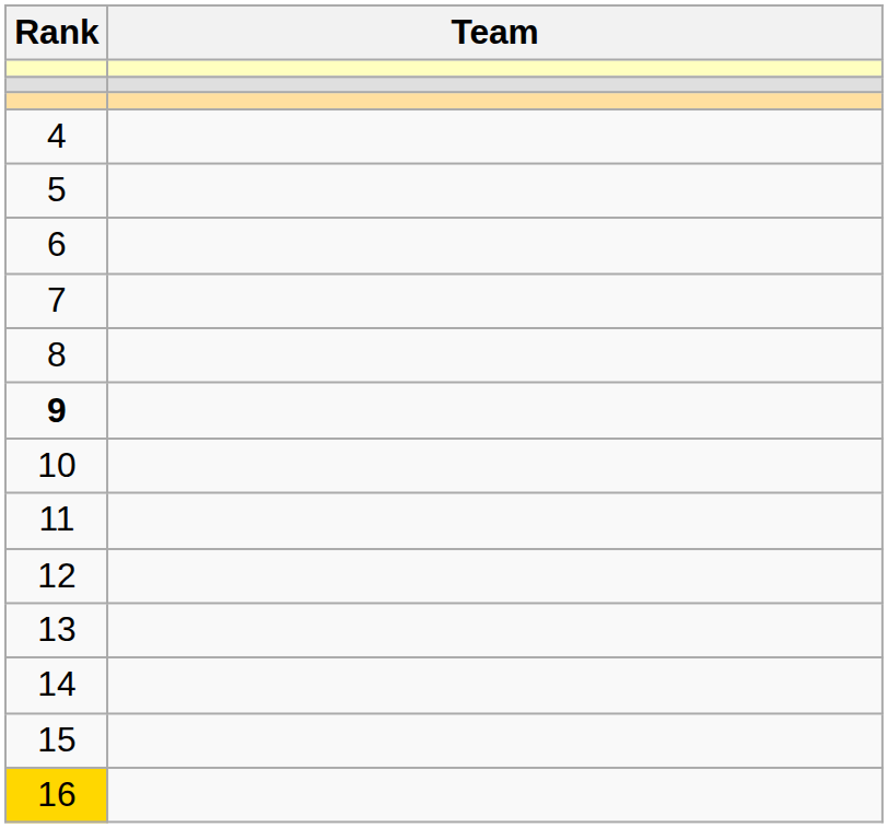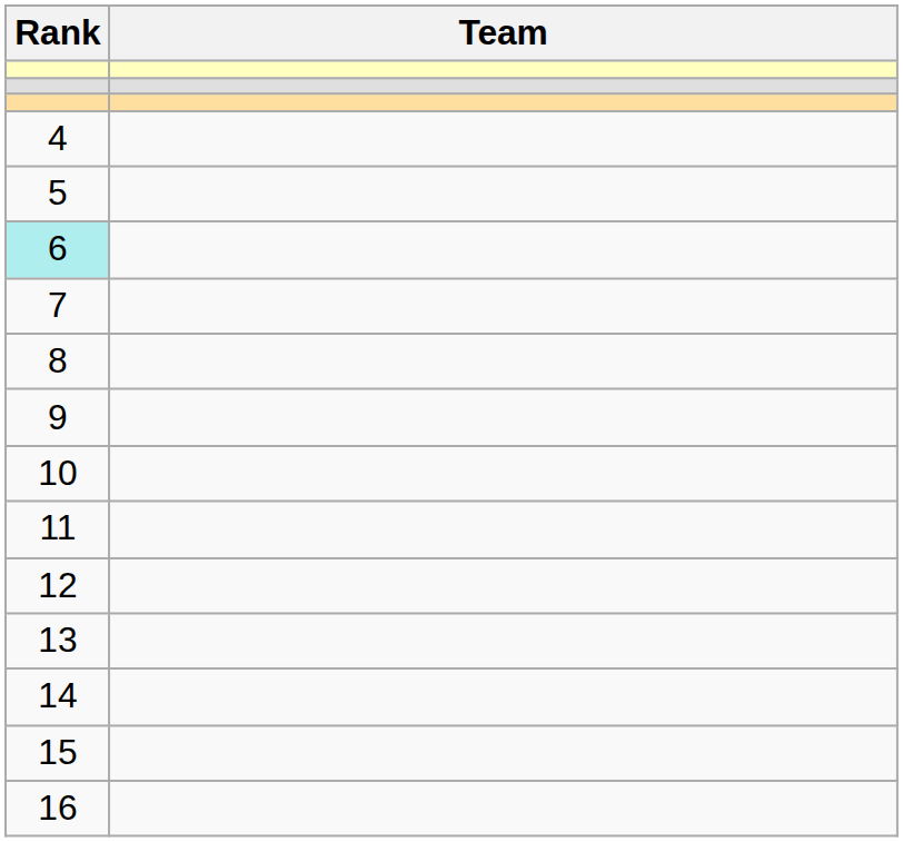 <table class="wikitable">
 <tr>
 <th width=40>Rank</th>
 <th width=350>Team</th>
 </tr>
 <tr bgcolor=#ffffbf>
 <td align=center></td>
 <td align="left"></td>
 </tr>
 <tr bgcolor=#dfdfdf>
 <td align=center></td>
 <td align="left"></td>
 </tr>
 <tr bgcolor=#ffdf9f>
 <td align=center></td>
 <td align="left"></td>
 </tr>
 <tr>
 <td align=center>4</td>
 <td align="left"></td>
 </tr>
 <tr>
 <td align=center>5</td>
 <td align="left"></td>
 </tr>
 <tr>
-<td align=center>6</td>
+<td align=center style="background: paleturquoise;">6</td>
 <td align="left"></td>
 </tr>
 <tr>
 <td align=center>7</td>
 <td align="left"></td>
 </tr>
 <tr>
 <td align=center>8</td>
 <td align="left"></td>
 </tr>
 <tr>
-<td align=center><strong>9</strong></td>
+<td align=center>9</td>
 <td align="left"></td>
 </tr>
 <tr>
 <td align=center>10</td>
 <td align="left"></td>
 </tr>
 <tr>
 <td align=center>11</td>
 <td align="left"></td>
 </tr>
 <tr>
 <td align=center>12</td>
 <td align="left"></td>
 </tr>
 <tr>
 <td align=center>13</td>
 <td align="left"></td>
 </tr>
 <tr>
 <td align=center>14</td>
 <td align="left"></td>
 </tr>
 <tr>
 <td align=center>15</td>
 <td align="left"></td>
 </tr>
 <tr>
-<td align=center style="background: gold;">16</td>
+<td align=center>16</td>
 <td align="left"></td>
 </tr>
 </table>
